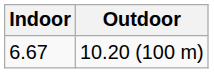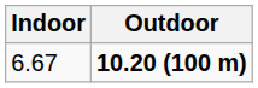 <table class="wikitable" border="1" align="upright">
 <tr>
 <th>Indoor</th>
 <th>Outdoor</th>
 </tr>
 <tr>
 <td>6.67</td>
-<td>10.20 (100 m)</td>
+<td><strong>10.20 (100 m)</strong></td>
 </tr>
 </table>
